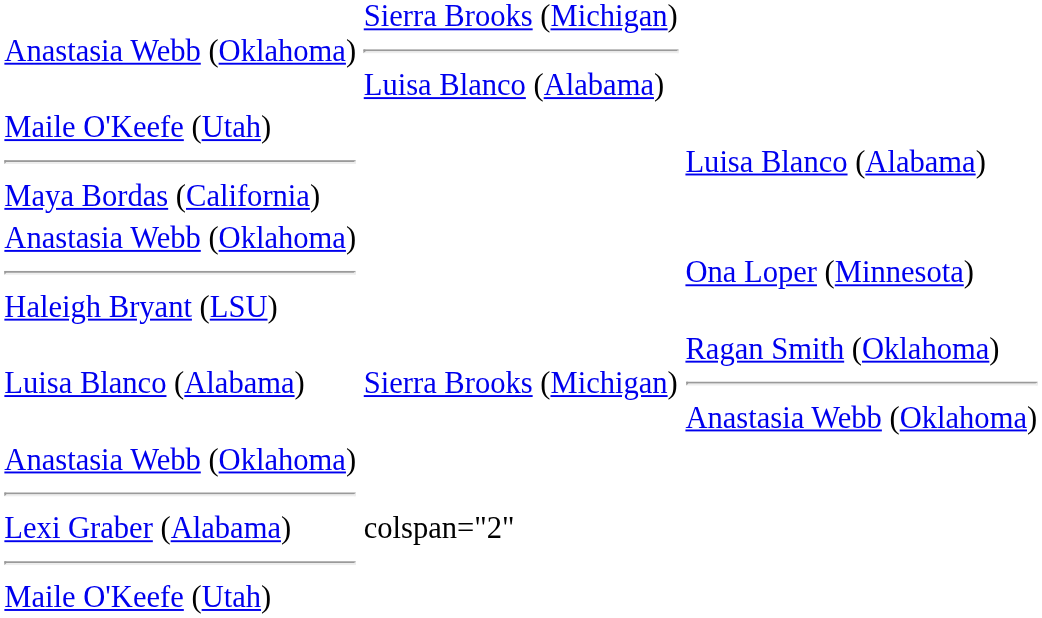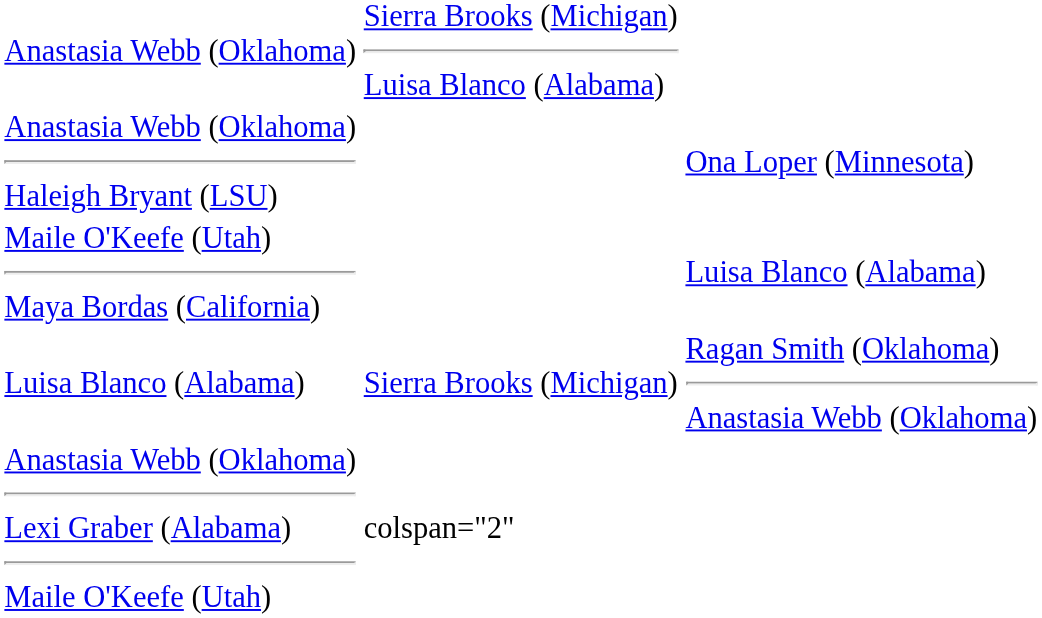 <table>
 <tr>
 <th scope=row style="text-align:left"></th>
 <td><a href='#'>Anastasia Webb</a> (<a href='#'>Oklahoma</a>)</td>
 <td><a href='#'>Sierra Brooks</a> (<a href='#'>Michigan</a>)<hr><a href='#'>Luisa Blanco</a> (<a href='#'>Alabama</a>)</td>
 <td></td>
 </tr>
 <tr>
 <th scope=row style="text-align:left"></th>
+<td><a href='#'>Anastasia Webb</a> (<a href='#'>Oklahoma</a>)<hr><a href='#'>Haleigh Bryant</a> (<a href='#'>LSU</a>)</td>
+<td></td>
+<td><a href='#'>Ona Loper</a> (<a href='#'>Minnesota</a>)</td>
+</tr>
+<tr>
+<th scope=row style="text-align:left"></th>
 <td><a href='#'>Maile O'Keefe</a> (<a href='#'>Utah</a>)<hr><a href='#'>Maya Bordas</a> (<a href='#'>California</a>)</td>
 <td></td>
 <td><a href='#'>Luisa Blanco</a> (<a href='#'>Alabama</a>)</td>
-</tr>
-<tr>
-<th scope=row style="text-align:left"></th>
-<td><a href='#'>Anastasia Webb</a> (<a href='#'>Oklahoma</a>)<hr><a href='#'>Haleigh Bryant</a> (<a href='#'>LSU</a>)</td>
-<td></td>
-<td><a href='#'>Ona Loper</a> (<a href='#'>Minnesota</a>)</td>
 </tr>
 <tr>
 <th scope=row style="text-align:left"></th>
 <td><a href='#'>Luisa Blanco</a> (<a href='#'>Alabama</a>)</td>
 <td><a href='#'>Sierra Brooks</a> (<a href='#'>Michigan</a>)</td>
 <td><a href='#'>Ragan Smith</a> (<a href='#'>Oklahoma</a>)<hr><a href='#'>Anastasia Webb</a> (<a href='#'>Oklahoma</a>)</td>
 </tr>
 <tr>
 <th scope=row style="text-align:left"></th>
 <td><a href='#'>Anastasia Webb</a> (<a href='#'>Oklahoma</a>)<hr><a href='#'>Lexi Graber</a> (<a href='#'>Alabama</a>)<hr><a href='#'>Maile O'Keefe</a> (<a href='#'>Utah</a>)</td>
 <td>colspan="2" </td>
 </tr>
 </table>
